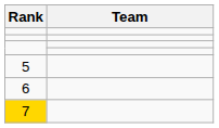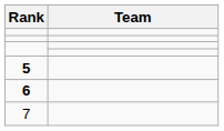 <table class="wikitable" style="text-align:center; font-size:90%;">
 <tr>
 <th width=35>Rank</th>
 <th width=160>Team</th>
 </tr>
 <tr>
 <td></td>
 <td align=left></td>
 </tr>
 <tr>
 <td></td>
 <td align=left></td>
 </tr>
 <tr>
 <td rowspan=2></td>
 <td align=left></td>
 </tr>
 <tr>
 <td align=left></td>
 </tr>
 <tr>
-<td>5</td>
+<td><strong>5</strong></td>
 <td align=left></td>
 </tr>
 <tr>
-<td>6</td>
+<td><strong>6</strong></td>
 <td align=left></td>
 </tr>
 <tr>
-<td style="background: gold;">7</td>
+<td>7</td>
 <td align=left></td>
 </tr>
 </table>
